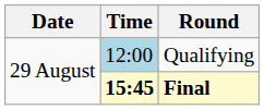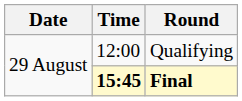 <table class="wikitable">
 <tr>
 <th>Date</th>
 <th>Time</th>
 <th>Round</th>
 </tr>
 <tr>
 <td rowspan=2>29 August</td>
-<td style="background: lightblue;">12:00</td>
+<td>12:00</td>
 <td>Qualifying</td>
 </tr>
 <tr style="background:lemonchiffon">
 <td><strong>15:45</strong></td>
 <td><strong>Final</strong></td>
 </tr>
 </table>
